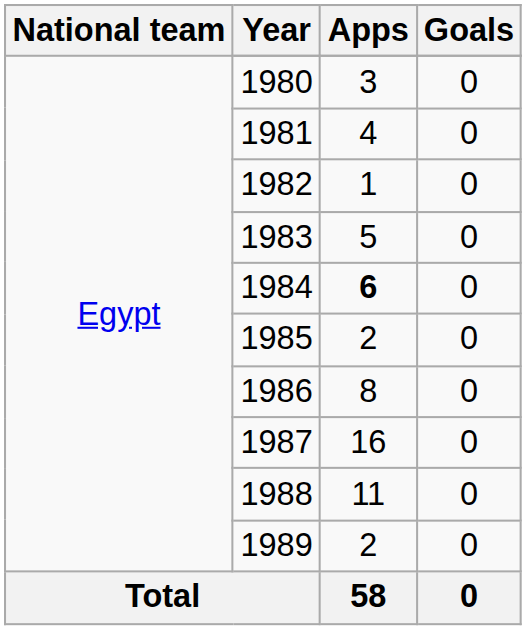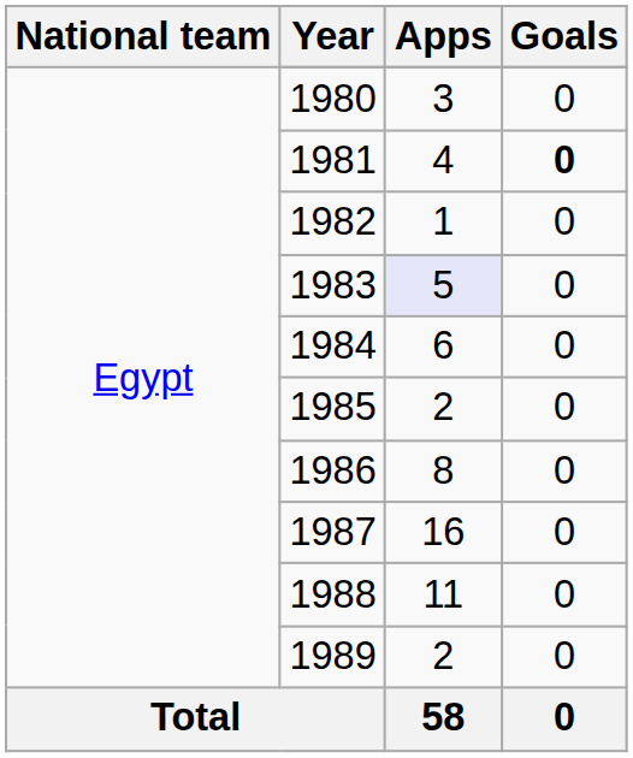 <table class="wikitable" style="text-align: center;">
 <tr>
 <th>National team</th>
 <th>Year</th>
 <th>Apps</th>
 <th>Goals</th>
 </tr>
 <tr>
 <td rowspan=11><a href='#'>Egypt</a></td>
 </tr>
 <tr>
 <td>1980</td>
 <td>3</td>
 <td>0</td>
 </tr>
 <tr>
 <td>1981</td>
 <td>4</td>
-<td>0</td>
+<td><strong>0</strong></td>
 </tr>
 <tr>
 <td>1982</td>
 <td>1</td>
 <td>0</td>
 </tr>
 <tr>
 <td>1983</td>
-<td>5</td>
+<td style="background: lavender;">5</td>
 <td>0</td>
 </tr>
 <tr>
 <td>1984</td>
-<td><strong>6</strong></td>
+<td>6</td>
 <td>0</td>
 </tr>
 <tr>
 <td>1985</td>
 <td>2</td>
 <td>0</td>
 </tr>
 <tr>
 <td>1986</td>
 <td>8</td>
 <td>0</td>
 </tr>
 <tr>
 <td>1987</td>
 <td>16</td>
 <td>0</td>
 </tr>
 <tr>
 <td>1988</td>
 <td>11</td>
 <td>0</td>
 </tr>
 <tr>
 <td>1989</td>
 <td>2</td>
 <td>0</td>
 </tr>
 <tr>
 <th colspan=2>Total</th>
 <th>58</th>
 <th>0</th>
 </tr>
 </table>
